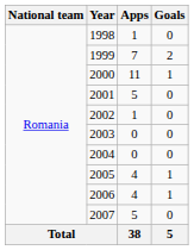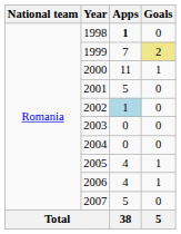 <table class="wikitable" style="text-align:center">
 <tr>
 <th>National team</th>
 <th>Year</th>
 <th>Apps</th>
 <th>Goals</th>
 </tr>
 <tr>
 <td rowspan="10"><a href='#'>Romania</a></td>
 <td>1998</td>
-<td>1</td>
+<td><strong>1</strong></td>
 <td>0</td>
 </tr>
 <tr>
 <td>1999</td>
 <td>7</td>
-<td>2</td>
+<td style="background: khaki;">2</td>
 </tr>
 <tr>
 <td>2000</td>
 <td>11</td>
 <td>1</td>
 </tr>
 <tr>
 <td>2001</td>
 <td>5</td>
 <td>0</td>
 </tr>
 <tr>
 <td>2002</td>
-<td>1</td>
+<td style="background: lightblue;">1</td>
 <td>0</td>
 </tr>
 <tr>
 <td>2003</td>
 <td>0</td>
 <td>0</td>
 </tr>
 <tr>
 <td>2004</td>
 <td>0</td>
 <td>0</td>
 </tr>
 <tr>
 <td>2005</td>
 <td>4</td>
 <td>1</td>
 </tr>
 <tr>
 <td>2006</td>
 <td>4</td>
 <td>1</td>
 </tr>
 <tr>
 <td>2007</td>
 <td>5</td>
 <td>0</td>
 </tr>
 <tr>
 <th colspan="2">Total</th>
 <th>38</th>
 <th>5</th>
 </tr>
 </table>
